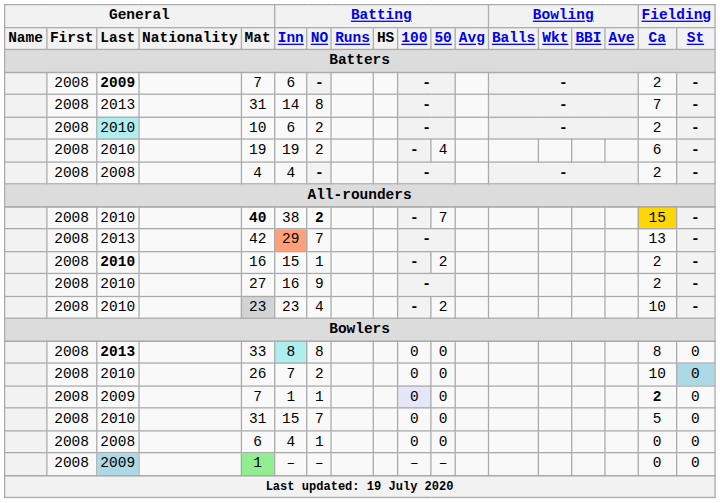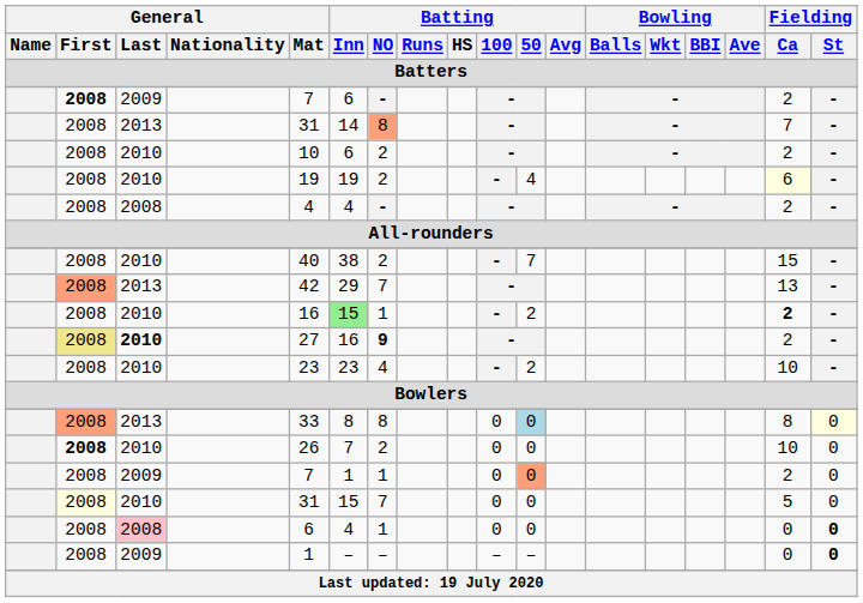 <table class="wikitable sortable" style="text-align:left;font-size:87%;">
 <tr style="text-align:center;">
 <th scope="col" colspan=5 class="unsortable">General</th>
 <th scope="col" colspan=7 class="unsortable"><a href='#'>Batting</a></th>
 <th scope="col" colspan=4 class="unsortable"><a href='#'>Bowling</a></th>
 <th scope="col" colspan=2 class="unsortable"><a href='#'>Fielding</a></th>
 </tr>
 <tr style="text-align:center;">
 <th scope="col">Name</th>
 <th scope="col">First</th>
 <th scope="col">Last</th>
 <th scope="col">Nationality</th>
 <th scope="col">Mat</th>
 <th scope="col"><a href='#'>Inn</a></th>
 <th scope="col"><a href='#'>NO</a></th>
 <th scope="col"><a href='#'>Runs</a></th>
 <th scope="col">HS</th>
 <th scope="col"><a href='#'>100</a></th>
 <th scope="col"><a href='#'>50</a></th>
 <th scope="col"><a href='#'>Avg</a></th>
 <th scope="col"><a href='#'>Balls</a></th>
 <th scope="col"><a href='#'>Wkt</a></th>
 <th scope="col"><a href='#'>BBI</a></th>
 <th scope="col"><a href='#'>Ave</a></th>
 <th scope="col"><a href='#'>Ca</a></th>
 <th scope="col"><a href='#'>St</a></th>
 </tr>
 <tr style="text-align:center;">
 <th colspan="18"  style="background:#dcdcdc; text-align:center;">Batters</th>
 </tr>
 <tr>
 </tr>
 <tr style="text-align:center;">
 <th scope="row" style="text-align:left;"></th>
-<td>2008</td>
-<td><strong>2009</strong></td>
+<td><strong>2008</strong></td>
+<td>2009</td>
 <td align="left"></td>
 <td>7</td>
 <td>6</td>
 <th>-</th>
 <td></td>
 <td></td>
 <th colspan=2>-</th>
 <td></td>
 <th colspan=4>-</th>
 <td>2</td>
 <th>-</th>
 </tr>
 <tr style="text-align:center;">
 <th scope="row" style="text-align:left;"></th>
 <td>2008</td>
 <td>2013</td>
 <td align="left"></td>
 <td>31</td>
 <td>14</td>
-<td>8</td>
+<td style="background: lightsalmon;">8</td>
 <td></td>
 <td></td>
 <th colspan=2>-</th>
 <td></td>
 <th colspan=4>-</th>
 <td>7</td>
 <th>-</th>
 </tr>
 <tr style="text-align:center;">
 <th scope="row" style="text-align:left;"></th>
 <td>2008</td>
-<td style="background: paleturquoise;">2010</td>
+<td>2010</td>
 <td align="left"></td>
 <td>10</td>
 <td>6</td>
 <td>2</td>
 <td></td>
 <td></td>
 <th colspan=2>-</th>
 <td></td>
 <th colspan=4>-</th>
 <td>2</td>
 <th>-</th>
 </tr>
 <tr style="text-align:center;">
 <th scope="row" style="text-align:left;"></th>
 <td>2008</td>
 <td>2010</td>
 <td align="left"></td>
 <td>19</td>
 <td>19</td>
 <td>2</td>
 <td></td>
 <td></td>
 <th>-</th>
 <td>4</td>
 <td></td>
 <td></td>
 <td></td>
 <td></td>
 <td></td>
-<td>6</td>
+<td style="background: lightyellow;">6</td>
 <th>-</th>
 </tr>
 <tr style="text-align:center;">
 <th scope="row" style="text-align:left;"></th>
 <td>2008</td>
 <td>2008</td>
 <td align="left"></td>
 <td>4</td>
 <td>4</td>
 <th>-</th>
 <td></td>
 <td></td>
 <th colspan=2>-</th>
 <td></td>
 <th colspan=4>-</th>
 <td>2</td>
 <th>-</th>
 </tr>
 <tr style="text-align:center;">
 <th colspan="18"  style="background:#dcdcdc; text-align:center;">All-rounders</th>
 </tr>
 <tr>
 </tr>
 <tr style="text-align:center;">
 <th scope="row" style="text-align:left;"></th>
 <td>2008</td>
 <td>2010</td>
 <td align="left"></td>
-<td><strong>40</strong></td>
+<td>40</td>
 <td>38</td>
-<td><strong>2</strong></td>
+<td>2</td>
 <td></td>
 <td></td>
 <th>-</th>
 <td>7</td>
 <td></td>
 <td></td>
 <td></td>
 <td></td>
 <td></td>
-<td style="background: gold;">15</td>
+<td>15</td>
 <th>-</th>
 </tr>
 <tr style="text-align:center;">
 <th scope="row" style="text-align:left;"></th>
-<td>2008</td>
+<td style="background: lightsalmon;">2008</td>
 <td>2013</td>
 <td align="left"></td>
 <td>42</td>
-<td style="background: lightsalmon;">29</td>
+<td>29</td>
 <td>7</td>
 <td></td>
 <td></td>
 <th colspan=2>-</th>
 <td></td>
 <td></td>
 <td></td>
 <td></td>
 <td></td>
 <td>13</td>
 <th>-</th>
 </tr>
 <tr style="text-align:center;">
 <th scope="row" style="text-align:left;"></th>
 <td>2008</td>
-<td><strong>2010</strong></td>
+<td>2010</td>
 <td align="left"></td>
 <td>16</td>
-<td>15</td>
+<td style="background: lightgreen;">15</td>
 <td>1</td>
 <td></td>
 <td></td>
 <th>-</th>
 <td>2</td>
 <td></td>
 <td></td>
 <td></td>
 <td></td>
 <td></td>
-<td>2</td>
+<td><strong>2</strong></td>
 <th>-</th>
 </tr>
 <tr style="text-align:center;">
 <th scope="row" style="text-align:left;"></th>
-<td>2008</td>
-<td>2010</td>
+<td style="background: khaki;">2008</td>
+<td><strong>2010</strong></td>
 <td align="left"></td>
 <td>27</td>
 <td>16</td>
-<td>9</td>
+<td><strong>9</strong></td>
 <td></td>
 <td></td>
 <th colspan=2>-</th>
 <td></td>
 <td></td>
 <td></td>
 <td></td>
 <td></td>
 <td>2</td>
 <th>-</th>
 </tr>
 <tr style="text-align:center;">
 <th scope="row" style="text-align:left;"></th>
 <td>2008</td>
 <td>2010</td>
 <td align="left"></td>
-<td style="background: lightgrey;">23</td>
+<td>23</td>
 <td>23</td>
 <td>4</td>
 <td></td>
 <td></td>
 <th>-</th>
 <td>2</td>
 <td></td>
 <td></td>
 <td></td>
 <td></td>
 <td></td>
 <td>10</td>
 <th>-</th>
 </tr>
 <tr style="text-align:center;">
 <th colspan="18"  style="background:#dcdcdc; text-align:center;">Bowlers</th>
 </tr>
 <tr>
 </tr>
 <tr style="text-align:center;">
 <th scope="row" style="text-align:left;"></th>
-<td>2008</td>
-<td><strong>2013</strong></td>
+<td style="background: lightsalmon;">2008</td>
+<td>2013</td>
 <td align="left"></td>
 <td>33</td>
-<td style="background: paleturquoise;">8</td>
+<td>8</td>
 <td>8</td>
 <td></td>
 <td></td>
 <td>0</td>
-<td>0</td>
+<td style="background: lightblue;">0</td>
 <td></td>
 <td></td>
 <td></td>
 <td></td>
 <td></td>
 <td>8</td>
-<td>0</td>
+<td style="background: lightyellow;">0</td>
 </tr>
 <tr style="text-align:center;">
 <th scope="row" style="text-align:left;"></th>
-<td>2008</td>
+<td><strong>2008</strong></td>
 <td>2010</td>
 <td align="left"></td>
 <td>26</td>
 <td>7</td>
 <td>2</td>
 <td></td>
 <td></td>
 <td>0</td>
 <td>0</td>
 <td></td>
 <td></td>
 <td></td>
 <td></td>
 <td></td>
 <td>10</td>
-<td style="background: lightblue;">0</td>
+<td>0</td>
 </tr>
 <tr style="text-align:center;">
 <th scope="row" style="text-align:left;"></th>
 <td>2008</td>
 <td>2009</td>
 <td align="left"></td>
 <td>7</td>
 <td>1</td>
 <td>1</td>
 <td></td>
 <td></td>
-<td style="background: lavender;">0</td>
 <td>0</td>
+<td style="background: lightsalmon;">0</td>
 <td></td>
 <td></td>
 <td></td>
 <td></td>
 <td></td>
-<td><strong>2</strong></td>
+<td>2</td>
 <td>0</td>
 </tr>
 <tr style="text-align:center;">
 <th scope="row" style="text-align:left;"></th>
-<td>2008</td>
+<td style="background: lightyellow;">2008</td>
 <td>2010</td>
 <td align="left"></td>
 <td>31</td>
 <td>15</td>
 <td>7</td>
 <td></td>
 <td></td>
 <td>0</td>
 <td>0</td>
 <td></td>
 <td></td>
 <td></td>
 <td></td>
 <td></td>
 <td>5</td>
 <td>0</td>
 </tr>
 <tr style="text-align:center;">
 <th scope="row" style="text-align:left;"></th>
 <td>2008</td>
-<td>2008</td>
+<td style="background: pink;">2008</td>
 <td align="left"></td>
 <td>6</td>
 <td>4</td>
 <td>1</td>
 <td></td>
 <td></td>
 <td>0</td>
 <td>0</td>
 <td></td>
 <td></td>
 <td></td>
 <td></td>
 <td></td>
 <td>0</td>
-<td>0</td>
+<td><strong>0</strong></td>
 </tr>
 <tr style="text-align:center;">
 <th scope="row" style="text-align:left;"></th>
 <td>2008</td>
-<td style="background: lightblue;">2009</td>
+<td>2009</td>
 <td align="left"></td>
-<td style="background: lightgreen;">1</td>
+<td>1</td>
 <td>–</td>
 <td>–</td>
 <td></td>
 <td></td>
 <td>–</td>
 <td>–</td>
 <td></td>
 <td></td>
 <td></td>
 <td></td>
 <td></td>
 <td>0</td>
-<td>0</td>
+<td><strong>0</strong></td>
 </tr>
 <tr>
 </tr>
 <tr class="sortbottom">
 <th colspan="18"><small>Last updated: 19 July 2020</small></th>
 </tr>
 </table>
